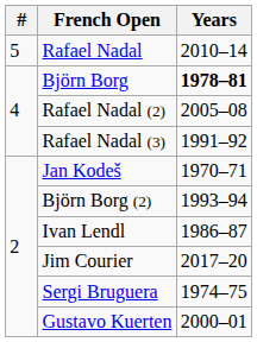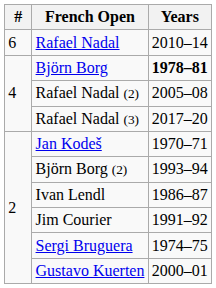 <table class="wikitable" style="display:inline-table;">
 <tr>
 <th width=20>#</th>
 <th>French Open</th>
 <th>Years</th>
 </tr>
 <tr>
-<td>5</td>
+<td>6</td>
 <td> <a href='#'>Rafael Nadal</a></td>
 <td>2010–14</td>
 </tr>
 <tr>
 <td rowspan="3">4</td>
 <td> <a href='#'>Björn Borg</a></td>
 <td><strong>1978–81</strong></td>
 </tr>
 <tr>
 <td> Rafael Nadal <small>(2)</small></td>
 <td>2005–08</td>
 </tr>
 <tr>
 <td> Rafael Nadal <small>(3)</small></td>
-<td>1991–92</td>
+<td>2017–20</td>
 </tr>
 <tr>
 <td rowspan="6">2</td>
 <td> <a href='#'>Jan Kodeš</a></td>
 <td>1970–71</td>
 </tr>
 <tr>
 <td> Björn Borg <small>(2)</small></td>
 <td>1993–94</td>
 </tr>
 <tr>
 <td> Ivan Lendl</td>
 <td>1986–87</td>
 </tr>
 <tr>
 <td> Jim Courier</td>
-<td>2017–20</td>
+<td>1991–92</td>
 </tr>
 <tr>
 <td> <a href='#'>Sergi Bruguera</a></td>
 <td>1974–75</td>
 </tr>
 <tr>
 <td> <a href='#'>Gustavo Kuerten</a></td>
 <td>2000–01</td>
 </tr>
 </table>
